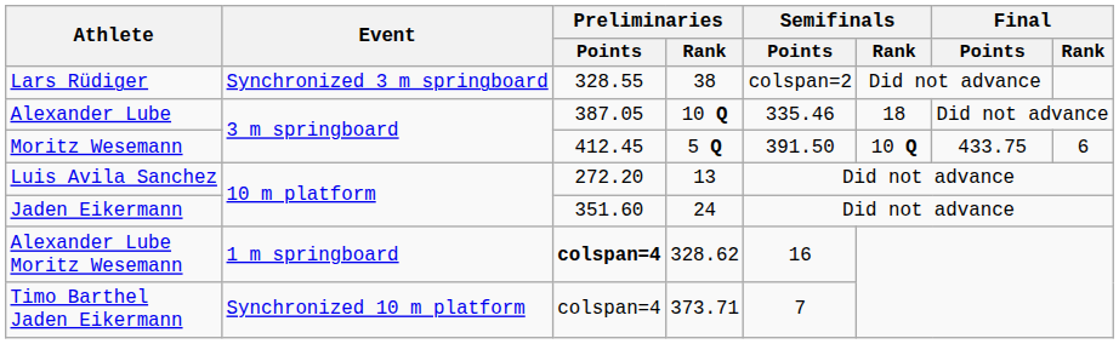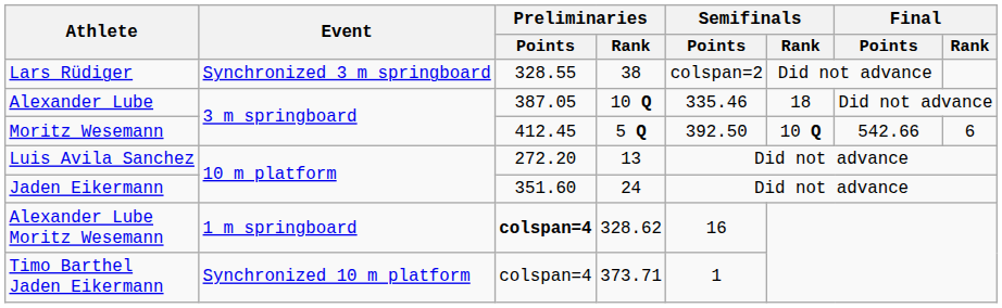 <table class="wikitable" style="font-size:90%">
 <tr>
 <th rowspan="2">Athlete</th>
 <th rowspan="2">Event</th>
 <th colspan="2">Preliminaries</th>
 <th colspan="2">Semifinals</th>
 <th colspan="2">Final</th>
 </tr>
 <tr style="font-size:95%">
 <th>Points</th>
 <th>Rank</th>
 <th>Points</th>
 <th>Rank</th>
 <th>Points</th>
 <th>Rank</th>
 </tr>
 <tr align=center>
 <td align=left><a href='#'>Lars Rüdiger</a></td>
 <td align=left><a href='#'>Synchronized 3 m springboard</a></td>
 <td>328.55</td>
 <td>38</td>
 <td>colspan=2</td>
 <td colspan=2>Did not advance</td>
 </tr>
 <tr align=center>
 <td align=left><a href='#'>Alexander Lube</a></td>
 <td align=left rowspan=2><a href='#'>3 m springboard</a></td>
 <td>387.05</td>
 <td>10 <strong>Q</strong></td>
 <td>335.46</td>
 <td>18</td>
 <td colspan=2>Did not advance</td>
 </tr>
 <tr align=center>
 <td align=left><a href='#'>Moritz Wesemann</a></td>
 <td>412.45</td>
 <td>5 <strong>Q</strong></td>
-<td>391.50</td>
+<td>392.50</td>
 <td>10 <strong>Q</strong></td>
-<td>433.75</td>
+<td>542.66</td>
 <td>6</td>
 </tr>
 <tr align=center>
 <td align=left><a href='#'>Luis Avila Sanchez</a></td>
 <td align=left rowspan=2><a href='#'>10 m platform</a></td>
 <td>272.20</td>
 <td>13</td>
 <td colspan=4>Did not advance</td>
 </tr>
 <tr align=center>
 <td align=left><a href='#'>Jaden Eikermann</a></td>
 <td>351.60</td>
 <td>24</td>
 <td colspan=4>Did not advance</td>
 </tr>
 <tr align=center>
 <td align=left><a href='#'>Alexander Lube</a><br><a href='#'>Moritz Wesemann</a></td>
 <td align=left><a href='#'>1 m springboard</a></td>
 <td><strong>colspan=4</strong></td>
 <td>328.62</td>
 <td>16</td>
 </tr>
 <tr align=center>
 <td align=left><a href='#'>Timo Barthel</a><br><a href='#'>Jaden Eikermann</a></td>
 <td align=left><a href='#'>Synchronized 10 m platform</a></td>
 <td>colspan=4</td>
 <td>373.71</td>
-<td>7</td>
+<td>1</td>
 </tr>
 </table>
